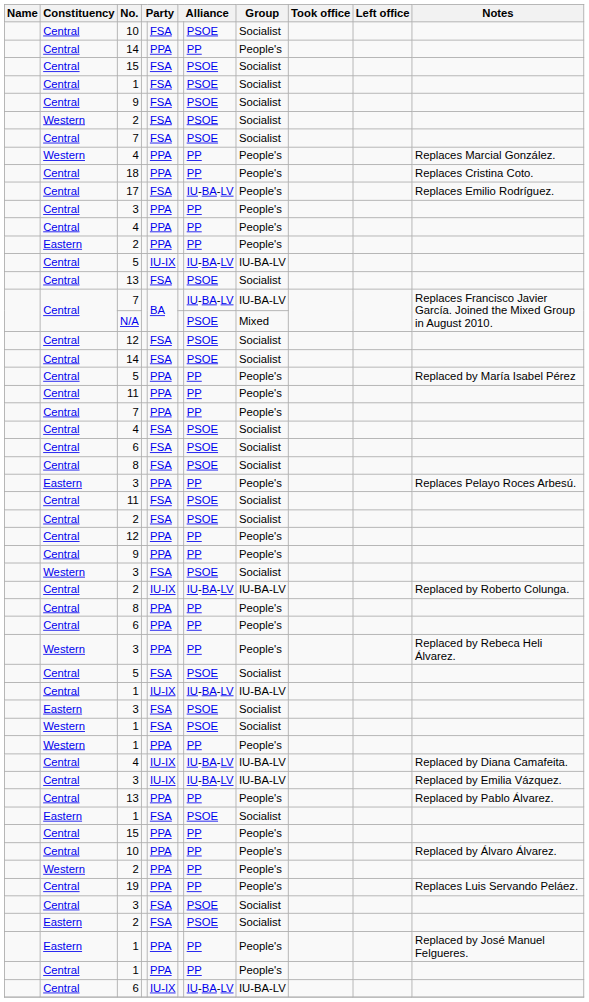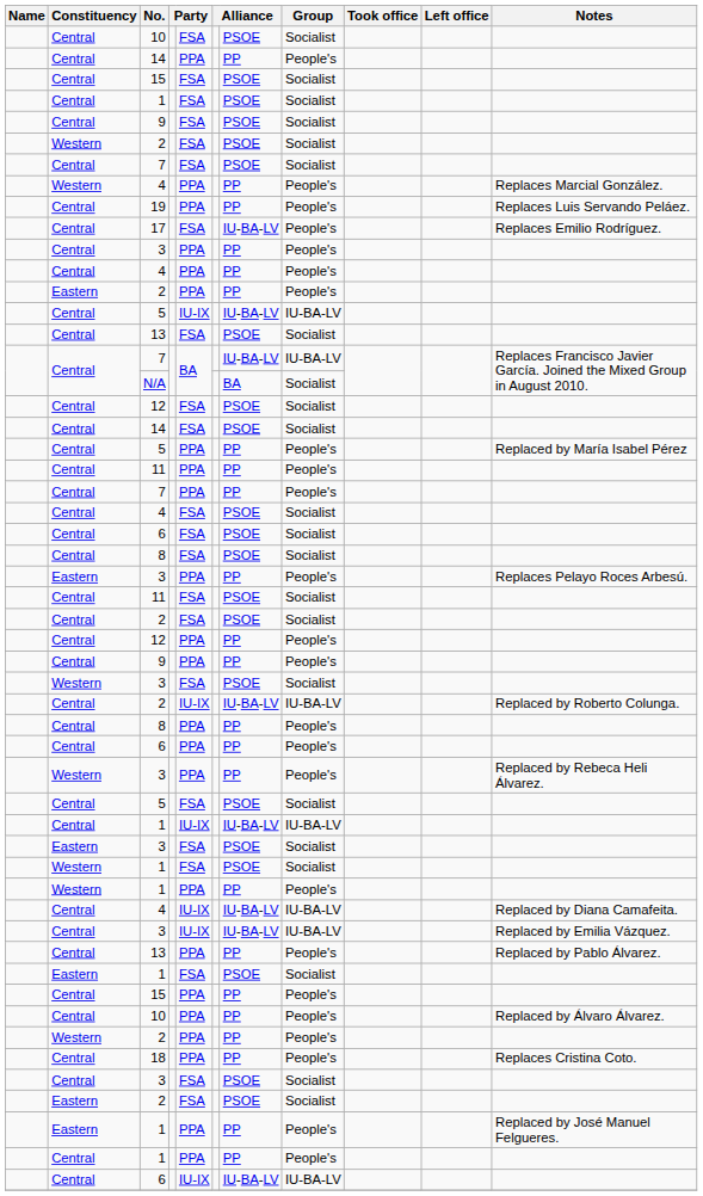 <table class="wikitable plainrowheaders sortable" style="font-size:85%; text-align:left;">
 <tr>
 <th scope="col">Name</th>
 <th scope="col">Constituency</th>
 <th scope="col">No.</th>
 <th colspan="2" scope="col">Party</th>
 <th colspan="2" scope="col">Alliance</th>
 <th scope="col">Group</th>
 <th scope="col">Took office</th>
 <th scope="col">Left office</th>
 <th scope="col" width="200">Notes</th>
 </tr>
 <tr>
 <td></td>
 <td><a href='#'>Central</a></td>
 <td align="right">10</td>
 <td style="width:0.5px;background:"></td>
 <td><a href='#'>FSA</a></td>
 <td style="width:0.5px;background:"></td>
 <td><a href='#'>PSOE</a></td>
 <td>Socialist</td>
 <td align="center"></td>
 <td align="center"></td>
 <td></td>
 </tr>
 <tr>
 <td></td>
 <td><a href='#'>Central</a></td>
 <td align="right">14</td>
 <td style="background:"></td>
 <td><a href='#'>PPA</a></td>
 <td style="background:"></td>
 <td><a href='#'>PP</a></td>
 <td>People's</td>
 <td align="center"></td>
 <td align="center"></td>
 <td></td>
 </tr>
 <tr>
 <td></td>
 <td><a href='#'>Central</a></td>
 <td align="right">15</td>
 <td style="background:"></td>
 <td><a href='#'>FSA</a></td>
 <td style="background:"></td>
 <td><a href='#'>PSOE</a></td>
 <td>Socialist</td>
 <td align="center"></td>
 <td align="center"></td>
 <td></td>
 </tr>
 <tr>
 <td></td>
 <td><a href='#'>Central</a></td>
 <td align="right">1</td>
 <td style="background:"></td>
 <td><a href='#'>FSA</a></td>
 <td style="background:"></td>
 <td><a href='#'>PSOE</a></td>
 <td>Socialist</td>
 <td align="center"></td>
 <td align="center"></td>
 <td></td>
 </tr>
 <tr>
 <td></td>
 <td><a href='#'>Central</a></td>
 <td align="right">9</td>
 <td style="background:"></td>
 <td><a href='#'>FSA</a></td>
 <td style="background:"></td>
 <td><a href='#'>PSOE</a></td>
 <td>Socialist</td>
 <td align="center"></td>
 <td align="center"></td>
 <td></td>
 </tr>
 <tr>
 <td></td>
 <td><a href='#'>Western</a></td>
 <td align="right">2</td>
 <td style="background:"></td>
 <td><a href='#'>FSA</a></td>
 <td style="background:"></td>
 <td><a href='#'>PSOE</a></td>
 <td>Socialist</td>
 <td align="center"></td>
 <td align="center"></td>
 <td></td>
 </tr>
 <tr>
 <td></td>
 <td><a href='#'>Central</a></td>
 <td align="right">7</td>
 <td style="background:"></td>
 <td><a href='#'>FSA</a></td>
 <td style="background:"></td>
 <td><a href='#'>PSOE</a></td>
 <td>Socialist</td>
 <td align="center"></td>
 <td align="center"></td>
 <td></td>
 </tr>
 <tr>
 <td></td>
 <td><a href='#'>Western</a></td>
 <td align="right">4</td>
 <td style="background:"></td>
 <td><a href='#'>PPA</a></td>
 <td style="background:"></td>
 <td><a href='#'>PP</a></td>
 <td>People's</td>
 <td align="center"></td>
 <td align="center"></td>
 <td>Replaces Marcial González.</td>
 </tr>
 <tr>
 <td></td>
 <td><a href='#'>Central</a></td>
-<td align="right">18</td>
+<td align="right">19</td>
 <td style="background:"></td>
 <td><a href='#'>PPA</a></td>
 <td style="background:"></td>
 <td><a href='#'>PP</a></td>
 <td>People's</td>
 <td align="center"></td>
 <td align="center"></td>
-<td>Replaces Cristina Coto.</td>
+<td>Replaces Luis Servando Peláez.</td>
 </tr>
 <tr>
 <td></td>
 <td><a href='#'>Central</a></td>
 <td align="right">17</td>
 <td style="background:"></td>
 <td><a href='#'>FSA</a></td>
 <td style="background:"></td>
 <td><a href='#'>IU</a>-<a href='#'>BA</a>-<a href='#'>LV</a></td>
 <td>People's</td>
 <td align="center"></td>
 <td align="center"></td>
 <td>Replaces Emilio Rodríguez.</td>
 </tr>
 <tr>
 <td></td>
 <td><a href='#'>Central</a></td>
 <td align="right">3</td>
 <td style="background:"></td>
 <td><a href='#'>PPA</a></td>
 <td style="background:"></td>
 <td><a href='#'>PP</a></td>
 <td>People's</td>
 <td align="center"></td>
 <td align="center"></td>
 <td></td>
 </tr>
 <tr>
 <td></td>
 <td><a href='#'>Central</a></td>
 <td align="right">4</td>
 <td style="background:"></td>
 <td><a href='#'>PPA</a></td>
 <td style="background:"></td>
 <td><a href='#'>PP</a></td>
 <td>People's</td>
 <td align="center"></td>
 <td align="center"></td>
 <td></td>
 </tr>
 <tr>
 <td></td>
 <td><a href='#'>Eastern</a></td>
 <td align="right">2</td>
 <td style="background:"></td>
 <td><a href='#'>PPA</a></td>
 <td style="background:"></td>
 <td><a href='#'>PP</a></td>
 <td>People's</td>
 <td align="center"></td>
 <td align="center"></td>
 <td></td>
 </tr>
 <tr>
 <td></td>
 <td><a href='#'>Central</a></td>
 <td align="right">5</td>
 <td style="background:"></td>
 <td><a href='#'>IU-IX</a></td>
 <td style="background:"></td>
 <td><a href='#'>IU</a>-<a href='#'>BA</a>-<a href='#'>LV</a></td>
 <td>IU-BA-LV</td>
 <td align="center"></td>
 <td align="center"></td>
 <td></td>
 </tr>
 <tr>
 <td></td>
 <td><a href='#'>Central</a></td>
 <td align="right">13</td>
 <td style="background:"></td>
 <td><a href='#'>FSA</a></td>
 <td style="background:"></td>
 <td><a href='#'>PSOE</a></td>
 <td>Socialist</td>
 <td align="center"></td>
 <td align="center"></td>
 <td></td>
 </tr>
 <tr>
 <td rowspan="2"></td>
 <td rowspan="2"><a href='#'>Central</a></td>
 <td align="right">7</td>
 <td rowspan="2" style="background:"></td>
 <td rowspan="2"><a href='#'>BA</a></td>
 <td style="background:"></td>
 <td><a href='#'>IU</a>-<a href='#'>BA</a>-<a href='#'>LV</a></td>
 <td>IU-BA-LV</td>
 <td rowspan="2" align="center"></td>
 <td rowspan="2" align="center"></td>
 <td rowspan="2">Replaces Francisco Javier García. Joined the Mixed Group in August 2010.</td>
 </tr>
 <tr>
 <td align="right"><a href='#'>N/A</a></td>
 <td style="background:"></td>
-<td><a href='#'>PSOE</a></td>
-<td>Mixed</td>
+<td><a href='#'>BA</a></td>
+<td>Socialist</td>
 </tr>
 <tr>
 <td></td>
 <td><a href='#'>Central</a></td>
 <td align="right">12</td>
 <td style="background:"></td>
 <td><a href='#'>FSA</a></td>
 <td style="background:"></td>
 <td><a href='#'>PSOE</a></td>
 <td>Socialist</td>
 <td align="center"></td>
 <td align="center"></td>
 <td></td>
 </tr>
 <tr>
 <td></td>
 <td><a href='#'>Central</a></td>
 <td align="right">14</td>
 <td style="background:"></td>
 <td><a href='#'>FSA</a></td>
 <td style="background:"></td>
 <td><a href='#'>PSOE</a></td>
 <td>Socialist</td>
 <td align="center"></td>
 <td align="center"></td>
 <td></td>
 </tr>
 <tr>
 <td></td>
 <td><a href='#'>Central</a></td>
 <td align="right">5</td>
 <td style="background:"></td>
 <td><a href='#'>PPA</a></td>
 <td style="background:"></td>
 <td><a href='#'>PP</a></td>
 <td>People's</td>
 <td align="center"></td>
 <td align="center"></td>
 <td>Replaced by María Isabel Pérez</td>
 </tr>
 <tr>
 <td></td>
 <td><a href='#'>Central</a></td>
 <td align="right">11</td>
 <td style="background:"></td>
 <td><a href='#'>PPA</a></td>
 <td style="background:"></td>
 <td><a href='#'>PP</a></td>
 <td>People's</td>
 <td align="center"></td>
 <td align="center"></td>
 <td></td>
 </tr>
 <tr>
 <td></td>
 <td><a href='#'>Central</a></td>
 <td align="right">7</td>
 <td style="background:"></td>
 <td><a href='#'>PPA</a></td>
 <td style="background:"></td>
 <td><a href='#'>PP</a></td>
 <td>People's</td>
 <td align="center"></td>
 <td align="center"></td>
 <td></td>
 </tr>
 <tr>
 <td></td>
 <td><a href='#'>Central</a></td>
 <td align="right">4</td>
 <td style="background:"></td>
 <td><a href='#'>FSA</a></td>
 <td style="background:"></td>
 <td><a href='#'>PSOE</a></td>
 <td>Socialist</td>
 <td align="center"></td>
 <td align="center"></td>
 <td></td>
 </tr>
 <tr>
 <td></td>
 <td><a href='#'>Central</a></td>
 <td align="right">6</td>
 <td style="background:"></td>
 <td><a href='#'>FSA</a></td>
 <td style="background:"></td>
 <td><a href='#'>PSOE</a></td>
 <td>Socialist</td>
 <td align="center"></td>
 <td align="center"></td>
 <td></td>
 </tr>
 <tr>
 <td></td>
 <td><a href='#'>Central</a></td>
 <td align="right">8</td>
 <td style="background:"></td>
 <td><a href='#'>FSA</a></td>
 <td style="background:"></td>
 <td><a href='#'>PSOE</a></td>
 <td>Socialist</td>
 <td align="center"></td>
 <td align="center"></td>
 <td></td>
 </tr>
 <tr>
 <td></td>
 <td><a href='#'>Eastern</a></td>
 <td align="right">3</td>
 <td style="background:"></td>
 <td><a href='#'>PPA</a></td>
 <td style="background:"></td>
 <td><a href='#'>PP</a></td>
 <td>People's</td>
 <td align="center"></td>
 <td align="center"></td>
 <td>Replaces Pelayo Roces Arbesú.</td>
 </tr>
 <tr>
 <td></td>
 <td><a href='#'>Central</a></td>
 <td align="right">11</td>
 <td style="background:"></td>
 <td><a href='#'>FSA</a></td>
 <td style="background:"></td>
 <td><a href='#'>PSOE</a></td>
 <td>Socialist</td>
 <td align="center"></td>
 <td align="center"></td>
 <td></td>
 </tr>
 <tr>
 <td></td>
 <td><a href='#'>Central</a></td>
 <td align="right">2</td>
 <td style="background:"></td>
 <td><a href='#'>FSA</a></td>
 <td style="background:"></td>
 <td><a href='#'>PSOE</a></td>
 <td>Socialist</td>
 <td align="center"></td>
 <td align="center"></td>
 <td></td>
 </tr>
 <tr>
 <td></td>
 <td><a href='#'>Central</a></td>
 <td align="right">12</td>
 <td style="background:"></td>
 <td><a href='#'>PPA</a></td>
 <td style="background:"></td>
 <td><a href='#'>PP</a></td>
 <td>People's</td>
 <td align="center"></td>
 <td align="center"></td>
 <td></td>
 </tr>
 <tr>
 <td></td>
 <td><a href='#'>Central</a></td>
 <td align="right">9</td>
 <td style="background:"></td>
 <td><a href='#'>PPA</a></td>
 <td style="background:"></td>
 <td><a href='#'>PP</a></td>
 <td>People's</td>
 <td align="center"></td>
 <td align="center"></td>
 <td></td>
 </tr>
 <tr>
 <td></td>
 <td><a href='#'>Western</a></td>
 <td align="right">3</td>
 <td style="background:"></td>
 <td><a href='#'>FSA</a></td>
 <td style="background:"></td>
 <td><a href='#'>PSOE</a></td>
 <td>Socialist</td>
 <td align="center"></td>
 <td align="center"></td>
 <td></td>
 </tr>
 <tr>
 <td></td>
 <td><a href='#'>Central</a></td>
 <td align="right">2</td>
 <td style="background:"></td>
 <td><a href='#'>IU-IX</a></td>
 <td style="background:"></td>
 <td><a href='#'>IU</a>-<a href='#'>BA</a>-<a href='#'>LV</a></td>
 <td>IU-BA-LV</td>
 <td align="center"></td>
 <td align="center"></td>
 <td>Replaced by Roberto Colunga.</td>
 </tr>
 <tr>
 <td></td>
 <td><a href='#'>Central</a></td>
 <td align="right">8</td>
 <td style="background:"></td>
 <td><a href='#'>PPA</a></td>
 <td style="background:"></td>
 <td><a href='#'>PP</a></td>
 <td>People's</td>
 <td align="center"></td>
 <td align="center"></td>
 <td></td>
 </tr>
 <tr>
 <td></td>
 <td><a href='#'>Central</a></td>
 <td align="right">6</td>
 <td style="background:"></td>
 <td><a href='#'>PPA</a></td>
 <td style="background:"></td>
 <td><a href='#'>PP</a></td>
 <td>People's</td>
 <td align="center"></td>
 <td align="center"></td>
 <td></td>
 </tr>
 <tr>
 <td></td>
 <td><a href='#'>Western</a></td>
 <td align="right">3</td>
 <td style="background:"></td>
 <td><a href='#'>PPA</a></td>
 <td style="background:"></td>
 <td><a href='#'>PP</a></td>
 <td>People's</td>
 <td align="center"></td>
 <td align="center"></td>
 <td>Replaced by Rebeca Heli Álvarez.</td>
 </tr>
 <tr>
 <td></td>
 <td><a href='#'>Central</a></td>
 <td align="right">5</td>
 <td style="background:"></td>
 <td><a href='#'>FSA</a></td>
 <td style="background:"></td>
 <td><a href='#'>PSOE</a></td>
 <td>Socialist</td>
 <td align="center"></td>
 <td align="center"></td>
 <td></td>
 </tr>
 <tr>
 <td></td>
 <td><a href='#'>Central</a></td>
 <td align="right">1</td>
 <td style="background:"></td>
 <td><a href='#'>IU-IX</a></td>
 <td style="background:"></td>
 <td><a href='#'>IU</a>-<a href='#'>BA</a>-<a href='#'>LV</a></td>
 <td>IU-BA-LV</td>
 <td align="center"></td>
 <td align="center"></td>
 <td></td>
 </tr>
 <tr>
 <td></td>
 <td><a href='#'>Eastern</a></td>
 <td align="right">3</td>
 <td style="background:"></td>
 <td><a href='#'>FSA</a></td>
 <td style="background:"></td>
 <td><a href='#'>PSOE</a></td>
 <td>Socialist</td>
 <td align="center"></td>
 <td align="center"></td>
 <td></td>
 </tr>
 <tr>
 <td></td>
 <td><a href='#'>Western</a></td>
 <td align="right">1</td>
 <td style="background:"></td>
 <td><a href='#'>FSA</a></td>
 <td style="background:"></td>
 <td><a href='#'>PSOE</a></td>
 <td>Socialist</td>
 <td align="center"></td>
 <td align="center"></td>
 <td></td>
 </tr>
 <tr>
 <td></td>
 <td><a href='#'>Western</a></td>
 <td align="right">1</td>
 <td style="background:"></td>
 <td><a href='#'>PPA</a></td>
 <td style="background:"></td>
 <td><a href='#'>PP</a></td>
 <td>People's</td>
 <td align="center"></td>
 <td align="center"></td>
 <td></td>
 </tr>
 <tr>
 <td></td>
 <td><a href='#'>Central</a></td>
 <td align="right">4</td>
 <td style="background:"></td>
 <td><a href='#'>IU-IX</a></td>
 <td style="background:"></td>
 <td><a href='#'>IU</a>-<a href='#'>BA</a>-<a href='#'>LV</a></td>
 <td>IU-BA-LV</td>
 <td align="center"></td>
 <td align="center"></td>
 <td>Replaced by Diana Camafeita.</td>
 </tr>
 <tr>
 <td></td>
 <td><a href='#'>Central</a></td>
 <td align="right">3</td>
 <td style="background:"></td>
 <td><a href='#'>IU-IX</a></td>
 <td style="background:"></td>
 <td><a href='#'>IU</a>-<a href='#'>BA</a>-<a href='#'>LV</a></td>
 <td>IU-BA-LV</td>
 <td align="center"></td>
 <td align="center"></td>
 <td>Replaced by Emilia Vázquez.</td>
 </tr>
 <tr>
 <td></td>
 <td><a href='#'>Central</a></td>
 <td align="right">13</td>
 <td style="background:"></td>
 <td><a href='#'>PPA</a></td>
 <td style="background:"></td>
 <td><a href='#'>PP</a></td>
 <td>People's</td>
 <td align="center"></td>
 <td align="center"></td>
 <td>Replaced by Pablo Álvarez.</td>
 </tr>
 <tr>
 <td></td>
 <td><a href='#'>Eastern</a></td>
 <td align="right">1</td>
 <td style="background:"></td>
 <td><a href='#'>FSA</a></td>
 <td style="background:"></td>
 <td><a href='#'>PSOE</a></td>
 <td>Socialist</td>
 <td align="center"></td>
 <td align="center"></td>
 <td></td>
 </tr>
 <tr>
 <td></td>
 <td><a href='#'>Central</a></td>
 <td align="right">15</td>
 <td style="background:"></td>
 <td><a href='#'>PPA</a></td>
 <td style="background:"></td>
 <td><a href='#'>PP</a></td>
 <td>People's</td>
 <td align="center"></td>
 <td align="center"></td>
 <td></td>
 </tr>
 <tr>
 <td></td>
 <td><a href='#'>Central</a></td>
 <td align="right">10</td>
 <td style="background:"></td>
 <td><a href='#'>PPA</a></td>
 <td style="background:"></td>
 <td><a href='#'>PP</a></td>
 <td>People's</td>
 <td align="center"></td>
 <td align="center"></td>
 <td>Replaced by Álvaro Álvarez.</td>
 </tr>
 <tr>
 <td></td>
 <td><a href='#'>Western</a></td>
 <td align="right">2</td>
 <td style="background:"></td>
 <td><a href='#'>PPA</a></td>
 <td style="background:"></td>
 <td><a href='#'>PP</a></td>
 <td>People's</td>
 <td align="center"></td>
 <td align="center"></td>
 <td></td>
 </tr>
 <tr>
 <td></td>
 <td><a href='#'>Central</a></td>
-<td align="right">19</td>
+<td align="right">18</td>
 <td style="background:"></td>
 <td><a href='#'>PPA</a></td>
 <td style="background:"></td>
 <td><a href='#'>PP</a></td>
 <td>People's</td>
 <td align="center"></td>
 <td align="center"></td>
-<td>Replaces Luis Servando Peláez.</td>
+<td>Replaces Cristina Coto.</td>
 </tr>
 <tr>
 <td></td>
 <td><a href='#'>Central</a></td>
 <td align="right">3</td>
 <td style="background:"></td>
 <td><a href='#'>FSA</a></td>
 <td style="background:"></td>
 <td><a href='#'>PSOE</a></td>
 <td>Socialist</td>
 <td align="center"></td>
 <td align="center"></td>
 <td></td>
 </tr>
 <tr>
 <td></td>
 <td><a href='#'>Eastern</a></td>
 <td align="right">2</td>
 <td style="background:"></td>
 <td><a href='#'>FSA</a></td>
 <td style="background:"></td>
 <td><a href='#'>PSOE</a></td>
 <td>Socialist</td>
 <td align="center"></td>
 <td align="center"></td>
 <td></td>
 </tr>
 <tr>
 <td></td>
 <td><a href='#'>Eastern</a></td>
 <td align="right">1</td>
 <td style="background:"></td>
 <td><a href='#'>PPA</a></td>
 <td style="background:"></td>
 <td><a href='#'>PP</a></td>
 <td>People's</td>
 <td align="center"></td>
 <td align="center"></td>
 <td>Replaced by José Manuel Felgueres.</td>
 </tr>
 <tr>
 <td></td>
 <td><a href='#'>Central</a></td>
 <td align="right">1</td>
 <td style="background:"></td>
 <td><a href='#'>PPA</a></td>
 <td style="background:"></td>
 <td><a href='#'>PP</a></td>
 <td>People's</td>
 <td align="center"></td>
 <td align="center"></td>
 <td></td>
 </tr>
 <tr>
 <td></td>
 <td><a href='#'>Central</a></td>
 <td align="right">6</td>
 <td style="background:"></td>
 <td><a href='#'>IU-IX</a></td>
 <td style="background:"></td>
 <td><a href='#'>IU</a>-<a href='#'>BA</a>-<a href='#'>LV</a></td>
 <td>IU-BA-LV</td>
 <td align="center"></td>
 <td align="center"></td>
 <td></td>
 </tr>
 <tr>
 </tr>
 </table>
